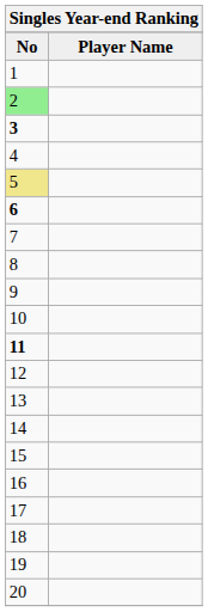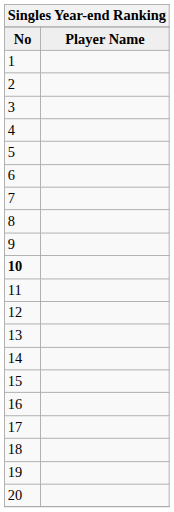 <table class="wikitable">
 <tr>
 <th colspan="5">Singles Year-end Ranking</th>
 </tr>
 <tr>
 </tr>
 <tr bgcolor="#efefef">
 <td align="center"><strong>No</strong></td>
 <td align="center"><strong>Player Name</strong></td>
 </tr>
 <tr>
 <td>1</td>
 <td></td>
 </tr>
 <tr>
-<td style="background: lightgreen;">2</td>
+<td>2</td>
 <td></td>
 </tr>
 <tr>
-<td><strong>3</strong></td>
+<td>3</td>
 <td></td>
 </tr>
 <tr>
 <td>4</td>
 <td></td>
 </tr>
 <tr>
-<td style="background: khaki;">5</td>
+<td>5</td>
 <td></td>
 </tr>
 <tr>
-<td><strong>6</strong></td>
+<td>6</td>
 <td></td>
 </tr>
 <tr>
 <td>7</td>
 <td></td>
 </tr>
 <tr>
 <td>8</td>
 <td></td>
 </tr>
 <tr>
 <td>9</td>
 <td></td>
 </tr>
 <tr>
-<td>10</td>
+<td><strong>10</strong></td>
 <td></td>
 </tr>
 <tr>
-<td><strong>11</strong></td>
+<td>11</td>
 <td></td>
 </tr>
 <tr>
 <td>12</td>
 <td></td>
 </tr>
 <tr>
 <td>13</td>
 <td></td>
 </tr>
 <tr>
 <td>14</td>
 <td></td>
 </tr>
 <tr>
 <td>15</td>
 <td></td>
 </tr>
 <tr>
 <td>16</td>
 <td></td>
 </tr>
 <tr>
 <td>17</td>
 <td></td>
 </tr>
 <tr>
 <td>18</td>
 <td></td>
 </tr>
 <tr>
 <td>19</td>
 <td></td>
 </tr>
 <tr>
 <td>20</td>
 <td></td>
 </tr>
 <tr>
 </tr>
 </table>
